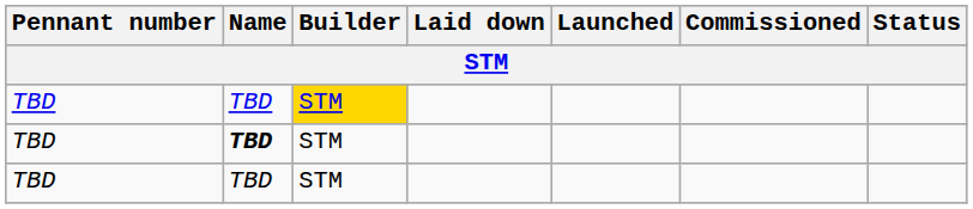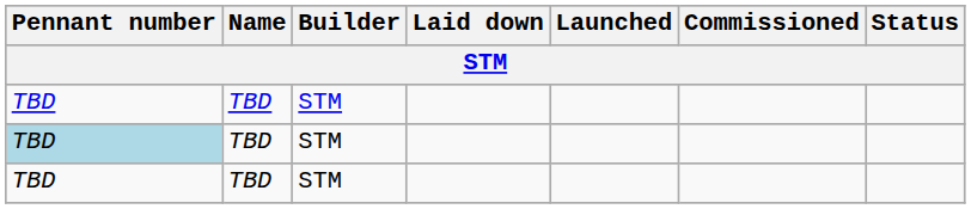 <table class="wikitable" style="font-size:95%;">
 <tr>
 <th>Pennant number</th>
 <th>Name</th>
 <th>Builder</th>
 <th>Laid down</th>
 <th>Launched</th>
 <th>Commissioned</th>
 <th>Status</th>
 </tr>
 <tr>
 <th colspan=8><a href='#'>STM</a></th>
 </tr>
 <tr>
 <td><em><a href='#'>TBD</a></em></td>
 <td><em><a href='#'>TBD</a></em></td>
-<td style="background: gold;"><a href='#'>STM</a></td>
+<td><a href='#'>STM</a></td>
 <td></td>
 <td></td>
 <td></td>
 </tr>
 <tr>
+<td style="background: lightblue;"><em>TBD</em></td>
 <td><em>TBD</em></td>
-<td><strong><em>TBD</em></strong></td>
 <td>STM</td>
 <td></td>
 <td></td>
 <td></td>
 <td></td>
 </tr>
 <tr>
 <td><em>TBD</em></td>
 <td><em>TBD</em></td>
 <td>STM</td>
 <td></td>
 <td></td>
 <td></td>
 <td></td>
 </tr>
 </table>
